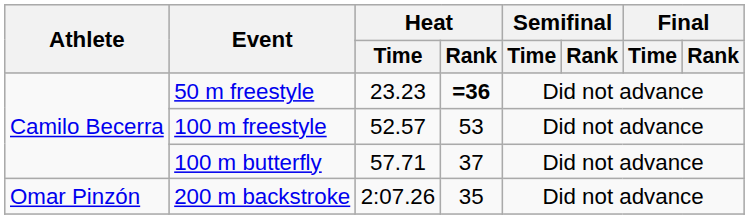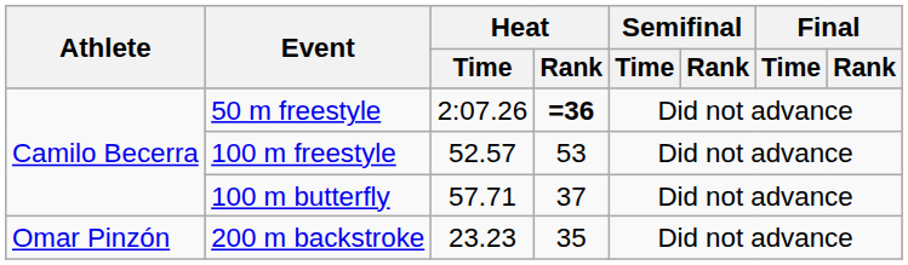 <table class=wikitable style="font-size:90%">
 <tr>
 <th rowspan="2">Athlete</th>
 <th rowspan="2">Event</th>
 <th colspan="2">Heat</th>
 <th colspan="2">Semifinal</th>
 <th colspan="2">Final</th>
 </tr>
 <tr style="font-size:95%">
 <th>Time</th>
 <th>Rank</th>
 <th>Time</th>
 <th>Rank</th>
 <th>Time</th>
 <th>Rank</th>
 </tr>
 <tr align=center>
 <td align=left rowspan=3><a href='#'>Camilo Becerra</a></td>
 <td align=left><a href='#'>50 m freestyle</a></td>
-<td>23.23</td>
+<td>2:07.26</td>
 <td><strong>=36</strong></td>
 <td colspan=4>Did not advance</td>
 </tr>
 <tr align=center>
 <td align=left><a href='#'>100 m freestyle</a></td>
 <td>52.57</td>
 <td>53</td>
 <td colspan=4>Did not advance</td>
 </tr>
 <tr align=center>
 <td align=left><a href='#'>100 m butterfly</a></td>
 <td>57.71</td>
 <td>37</td>
 <td colspan=4>Did not advance</td>
 </tr>
 <tr align=center>
 <td align=left><a href='#'>Omar Pinzón</a></td>
 <td align=left><a href='#'>200 m backstroke</a></td>
-<td>2:07.26</td>
+<td>23.23</td>
 <td>35</td>
 <td colspan=4>Did not advance</td>
 </tr>
 </table>
